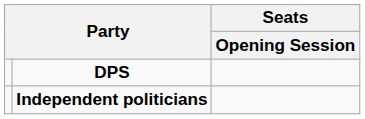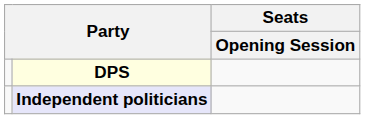 <table class="wikitable">
 <tr>
 <th colspan="2" rowspan="2">Party</th>
 <th colspan="2">Seats</th>
 </tr>
 <tr>
 <th>Opening Session</th>
 </tr>
 <tr>
 <td style="color:inherit;background:"></td>
-<td style="text-align:center"><strong>DPS</strong></td>
+<td style="background: lightyellow; text-align:center"><strong>DPS</strong></td>
 <td></td>
 </tr>
 <tr>
 <td style="color:inherit;background:"></td>
-<td style="text-align:center"><strong>Independent politicians</strong></td>
+<td style="background: lavender; text-align:center"><strong>Independent politicians</strong></td>
 <td></td>
 </tr>
 </table>
